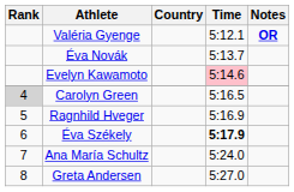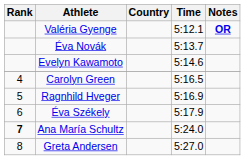 <table class="wikitable sortable" style="text-align:center">
 <tr>
 <th>Rank</th>
 <th>Athlete</th>
 <th>Country</th>
 <th>Time</th>
 <th>Notes</th>
 </tr>
 <tr>
 <td></td>
 <td><a href='#'>Valéria Gyenge</a></td>
 <td align=left></td>
 <td>5:12.1</td>
 <td><strong><a href='#'>OR</a></strong></td>
 </tr>
 <tr>
 <td></td>
 <td><a href='#'>Éva Novák</a></td>
 <td align=left></td>
 <td>5:13.7</td>
 <td><strong> </strong></td>
 </tr>
 <tr>
 <td></td>
 <td><a href='#'>Evelyn Kawamoto</a></td>
 <td align=left></td>
-<td style="background: pink;">5:14.6</td>
+<td>5:14.6</td>
 <td><strong> </strong></td>
 </tr>
 <tr>
 </tr>
 <tr>
-<td style="background: lightgrey;">4</td>
+<td>4</td>
 <td><a href='#'>Carolyn Green</a></td>
 <td align=left></td>
 <td>5:16.5</td>
 <td><strong> </strong></td>
 </tr>
 <tr>
 <td>5</td>
 <td><a href='#'>Ragnhild Hveger</a></td>
 <td align=left></td>
 <td>5:16.9</td>
 <td><strong> </strong></td>
 </tr>
 <tr>
 <td>6</td>
 <td><a href='#'>Éva Székely</a></td>
 <td align=left></td>
-<td><strong>5:17.9</strong></td>
+<td>5:17.9</td>
 <td><strong> </strong></td>
 </tr>
 <tr>
-<td>7</td>
+<td><strong>7</strong></td>
 <td><a href='#'>Ana María Schultz</a></td>
 <td align=left></td>
 <td>5:24.0</td>
 <td><strong> </strong></td>
 </tr>
 <tr>
 <td>8</td>
 <td><a href='#'>Greta Andersen</a></td>
 <td align=left></td>
 <td>5:27.0</td>
 <td><strong> </strong></td>
 </tr>
 </table>
